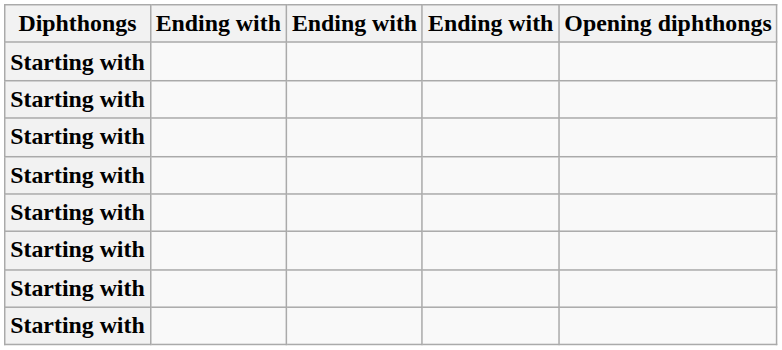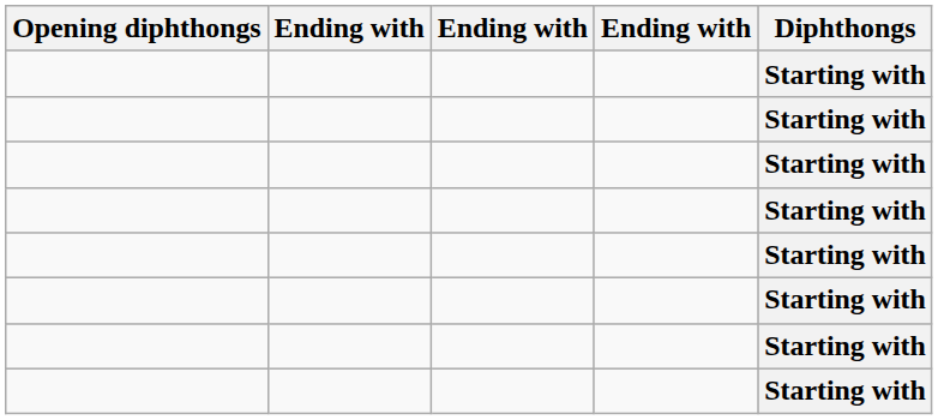 <table class="wikitable" style="text-align: center;">
 <tr>
-<th>Diphthongs</th>
+<th>Opening diphthongs</th>
 <th>Ending with </th>
 <th>Ending with </th>
 <th>Ending with </th>
-<th>Opening diphthongs</th>
+<th>Diphthongs</th>
 </tr>
 <tr>
+<td></td>
+<td> </td>
+<td> </td>
+<td></td>
 <th>Starting with </th>
+</tr>
+<tr>
+<td></td>
+<td> </td>
+<td></td>
+<td> </td>
+<th>Starting with </th>
+</tr>
+<tr>
+<td></td>
+<td> </td>
+<td> </td>
+<td></td>
+<th>Starting with </th>
+</tr>
+<tr>
+<td></td>
+<td> </td>
+<td> </td>
+<td> </td>
+<th>Starting with </th>
+</tr>
+<tr>
+<td></td>
+<td> </td>
+<td></td>
+<td> </td>
+<th>Starting with </th>
+</tr>
+<tr>
 <td> </td>
 <td> </td>
 <td></td>
 <td></td>
+<th>Starting with </th>
 </tr>
 <tr>
-<th>Starting with </th>
 <td> </td>
 <td></td>
 <td> </td>
-<td></td>
+<td> </td>
+<th>Starting with </th>
 </tr>
 <tr>
-<th>Starting with </th>
 <td> </td>
 <td> </td>
 <td></td>
 <td></td>
-</tr>
-<tr>
 <th>Starting with </th>
-<td> </td>
-<td> </td>
-<td> </td>
-<td></td>
-</tr>
-<tr>
-<th>Starting with </th>
-<td> </td>
-<td></td>
-<td> </td>
-<td></td>
-</tr>
-<tr>
-<th>Starting with </th>
-<td> </td>
-<td></td>
-<td></td>
-<td> </td>
-</tr>
-<tr>
-<th>Starting with </th>
-<td></td>
-<td> </td>
-<td> </td>
-<td> </td>
-</tr>
-<tr>
-<th>Starting with </th>
-<td> </td>
-<td></td>
-<td></td>
-<td> </td>
 </tr>
 </table>
